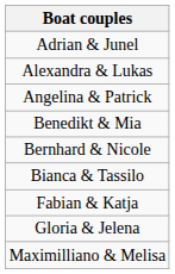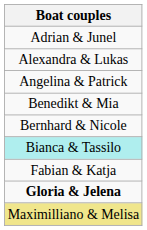 <table class="wikitable" style="text-align:center;">
 <tr>
 <th>Boat couples</th>
 </tr>
 <tr>
 <td>Adrian & Junel</td>
 </tr>
 <tr>
 <td>Alexandra & Lukas</td>
 </tr>
 <tr>
 <td>Angelina & Patrick</td>
 </tr>
 <tr>
 <td>Benedikt & Mia</td>
 </tr>
 <tr>
 <td>Bernhard & Nicole</td>
 </tr>
 <tr>
-<td>Bianca & Tassilo</td>
+<td style="background: paleturquoise;">Bianca & Tassilo</td>
 </tr>
 <tr>
 <td>Fabian & Katja</td>
 </tr>
 <tr>
-<td>Gloria & Jelena</td>
+<td><strong>Gloria & Jelena</strong></td>
 </tr>
 <tr>
-<td>Maximilliano & Melisa</td>
+<td style="background: khaki;">Maximilliano & Melisa</td>
 </tr>
 </table>
